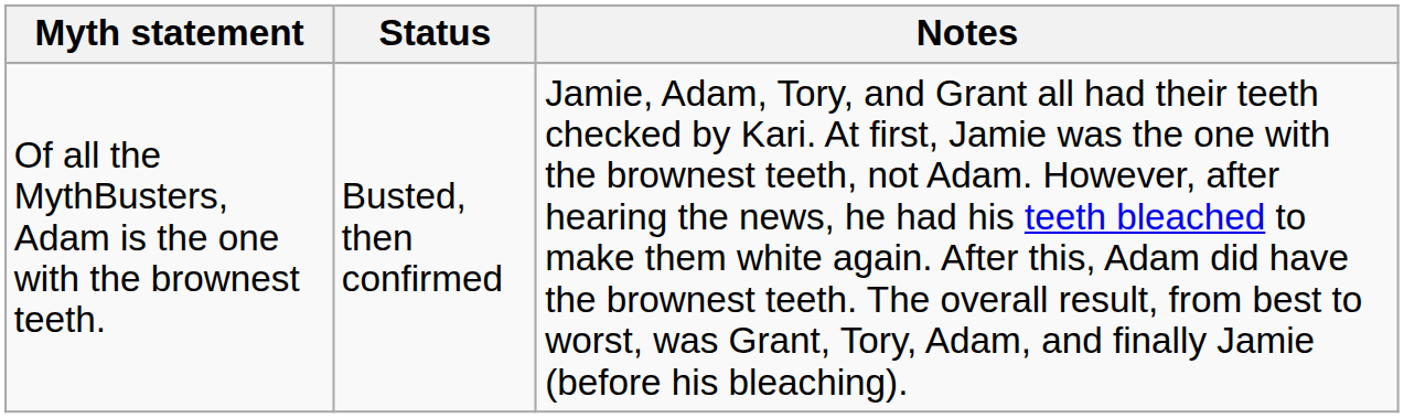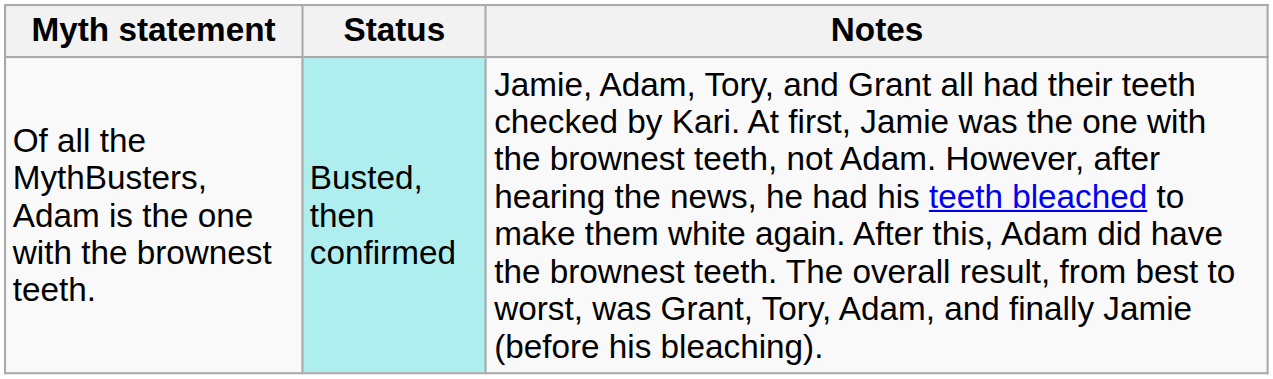 <table class="wikitable">
 <tr>
 <th>Myth statement</th>
 <th>Status</th>
 <th>Notes</th>
 </tr>
 <tr>
 <td>Of all the MythBusters, Adam is the one with the brownest teeth.</td>
-<td><span>Busted</span>, then <span>confirmed</span></td>
+<td style="background: paleturquoise;"><span>Busted</span>, then <span>confirmed</span></td>
 <td>Jamie, Adam, Tory, and Grant all had their teeth checked by Kari. At first, Jamie was the one with the brownest teeth, not Adam. However, after hearing the news, he had his <a href='#'>teeth bleached</a> to make them white again. After this, Adam did have the brownest teeth. The overall result, from best to worst, was Grant, Tory, Adam, and finally Jamie (before his bleaching).</td>
 </tr>
 </table>
